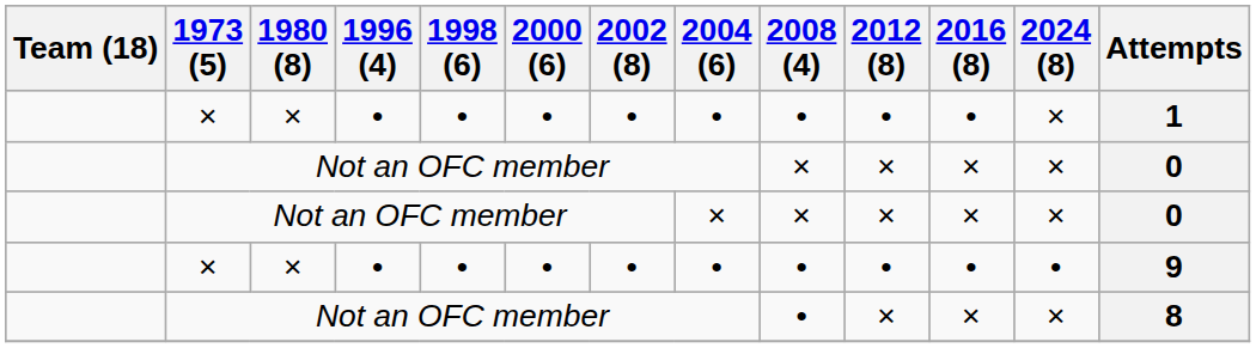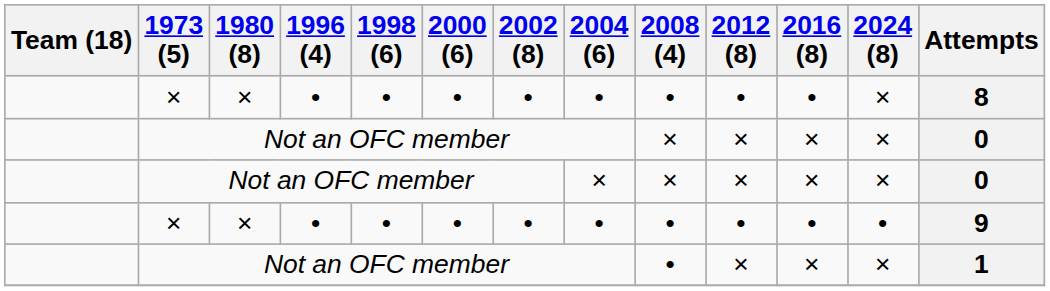 <table class="wikitable sortable" style="text-align: center">
 <tr>
 <th>Team (18)</th>
 <th class=unsortable><a href='#'>1973</a><br> (5)</th>
 <th class=unsortable><a href='#'>1980</a><br> (8)</th>
 <th class=unsortable><a href='#'>1996</a><br> (4)</th>
 <th class=unsortable><a href='#'>1998</a><br> (6)</th>
 <th class=unsortable><a href='#'>2000</a><br> (6)</th>
 <th class=unsortable><a href='#'>2002</a><br> (8)</th>
 <th class=unsortable><a href='#'>2004</a><br> (6)</th>
 <th class=unsortable><a href='#'>2008</a><br> (4)</th>
 <th class=unsortable><a href='#'>2012</a><br> (8)</th>
 <th class=unsortable><a href='#'>2016</a><br> (8)</th>
 <th class=unsortable><a href='#'>2024</a><br> (8)</th>
 <th>Attempts</th>
 </tr>
 <tr>
 <td align=left></td>
 <td>×</td>
 <td>×</td>
 <td>•</td>
 <td>•</td>
 <td>•</td>
 <td>•</td>
 <td>•</td>
 <td>•</td>
 <td>•</td>
 <td>•</td>
 <td>×</td>
-<th><strong>1</strong></th>
+<th><strong>8</strong></th>
 </tr>
 <tr>
 <td align=left></td>
 <td colspan=7><em>Not an OFC member</em></td>
 <td>×</td>
 <td>×</td>
 <td>×</td>
 <td>×</td>
 <th><strong>0</strong></th>
 </tr>
 <tr>
 <td align=left></td>
 <td colspan=6><em>Not an OFC member</em></td>
 <td>×</td>
 <td>×</td>
 <td>×</td>
 <td>×</td>
 <td>×</td>
 <th><strong>0</strong></th>
 </tr>
 <tr>
 <td align=left></td>
 <td>×</td>
 <td>×</td>
 <td>•</td>
 <td>•</td>
 <td>•</td>
 <td>•</td>
 <td>•</td>
 <td>•</td>
 <td>•</td>
 <td>•</td>
 <td>•</td>
 <th><strong>9</strong></th>
 </tr>
 <tr>
 <td align=left></td>
 <td colspan=7><em>Not an OFC member</em></td>
 <td>•</td>
 <td>×</td>
 <td>×</td>
 <td>×</td>
-<th><strong>8</strong></th>
+<th><strong>1</strong></th>
 </tr>
 <tr>
 </tr>
 </table>
